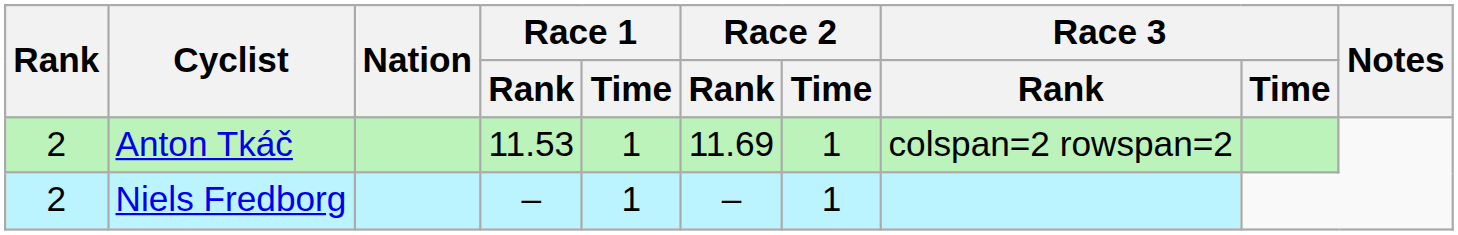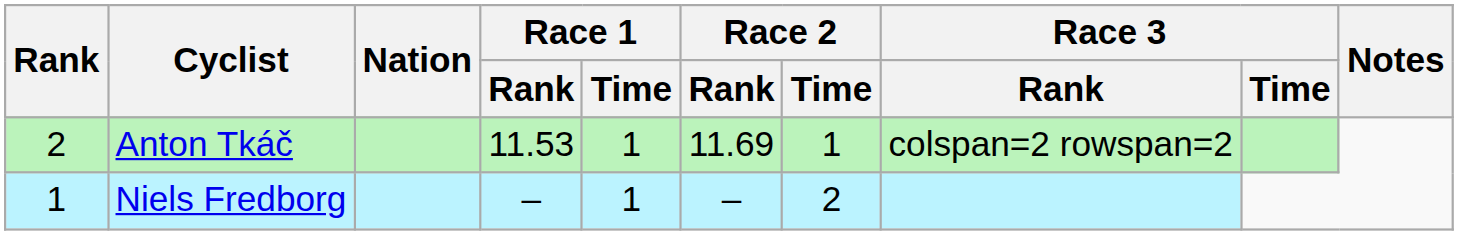 <table class="wikitable sortable" style="text-align:center">
 <tr>
 <th rowspan=2>Rank</th>
 <th rowspan=2>Cyclist</th>
 <th rowspan=2>Nation</th>
 <th colspan=2>Race 1</th>
 <th colspan=2>Race 2</th>
 <th colspan=2>Race 3</th>
 <th rowspan=2>Notes</th>
 </tr>
 <tr>
 <th>Rank</th>
 <th>Time</th>
 <th>Rank</th>
 <th>Time</th>
 <th>Rank</th>
 <th>Time</th>
 </tr>
 <tr bgcolor=bbf3bb>
 <td>2</td>
 <td align=left data-sort-value="Tkáč, Anton"><a href='#'>Anton Tkáč</a></td>
 <td align=left></td>
 <td>11.53</td>
 <td>1</td>
 <td>11.69</td>
 <td>1</td>
 <td>colspan=2 rowspan=2 </td>
 <td></td>
 </tr>
 <tr bgcolor=bbf3ff>
-<td>2</td>
+<td>1</td>
 <td align=left data-sort-value="Fredborg, Niels"><a href='#'>Niels Fredborg</a></td>
 <td align=left></td>
 <td>–</td>
 <td>1</td>
 <td>–</td>
-<td>1</td>
+<td>2</td>
 <td></td>
 </tr>
 </table>
